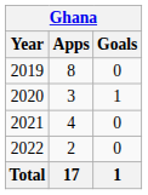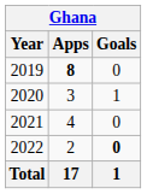 <table class="wikitable" style="text-align:center">
 <tr>
 <th colspan=3><a href='#'>Ghana</a></th>
 </tr>
 <tr>
 <th>Year</th>
 <th>Apps</th>
 <th>Goals</th>
 </tr>
 <tr>
 <td>2019</td>
-<td>8</td>
+<td><strong>8</strong></td>
 <td>0</td>
 </tr>
 <tr>
 <td>2020</td>
 <td>3</td>
 <td>1</td>
 </tr>
 <tr>
 <td>2021</td>
 <td>4</td>
 <td>0</td>
 </tr>
 <tr>
 <td>2022</td>
 <td>2</td>
-<td>0</td>
+<td><strong>0</strong></td>
 </tr>
 <tr>
 <th>Total</th>
 <th>17</th>
 <th>1</th>
 </tr>
 </table>
